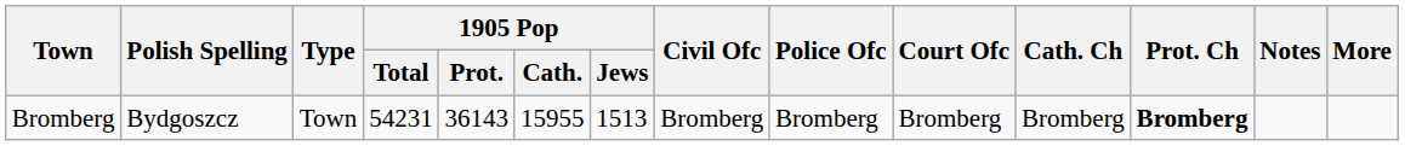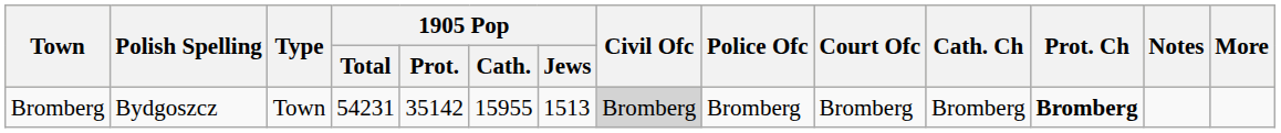 <table class="wikitable" style="text-align: left; line-height: 1.3em; font-size: 90%;">
 <tr bgcolor="#F4F4DB">
 <th rowspan=2>Town</th>
 <th rowspan=2>Polish Spelling</th>
 <th rowspan=2>Type</th>
 <th colspan=4 align="center">1905 Pop</th>
 <th rowspan=2>Civil Ofc</th>
 <th rowspan=2>Police Ofc</th>
 <th rowspan=2>Court Ofc</th>
 <th rowspan=2>Cath. Ch</th>
 <th rowspan=2>Prot. Ch</th>
 <th rowspan=2>Notes</th>
 <th rowspan=2>More</th>
 </tr>
 <tr bgcolor="#F4F4DB">
 <th>Total</th>
 <th>Prot.</th>
 <th>Cath.</th>
 <th>Jews</th>
 </tr>
 <tr>
 <td>Bromberg</td>
 <td>Bydgoszcz</td>
 <td>Town</td>
 <td>54231</td>
-<td>36143</td>
+<td>35142</td>
 <td>15955</td>
 <td>1513</td>
-<td>Bromberg</td>
+<td style="background: lightgrey;">Bromberg</td>
 <td>Bromberg</td>
 <td>Bromberg</td>
 <td>Bromberg</td>
 <td><strong>Bromberg</strong></td>
 <td></td>
 <td></td>
 </tr>
 </table>
